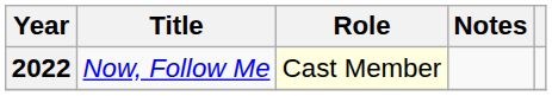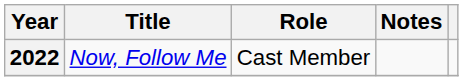 <table class="wikitable plainrowheaders">
 <tr>
 <th scope="col">Year</th>
 <th scope="col">Title</th>
 <th scope="col">Role</th>
 <th scope="col">Notes</th>
 <th scope="col" class="unsortable"></th>
 </tr>
 <tr>
 <th scope="row">2022</th>
 <td><em><a href='#'>Now, Follow Me</a></em></td>
-<td style="background: lightyellow;">Cast Member</td>
+<td>Cast Member</td>
 <td></td>
 <td></td>
 </tr>
 <tr>
 </tr>
 </table>
